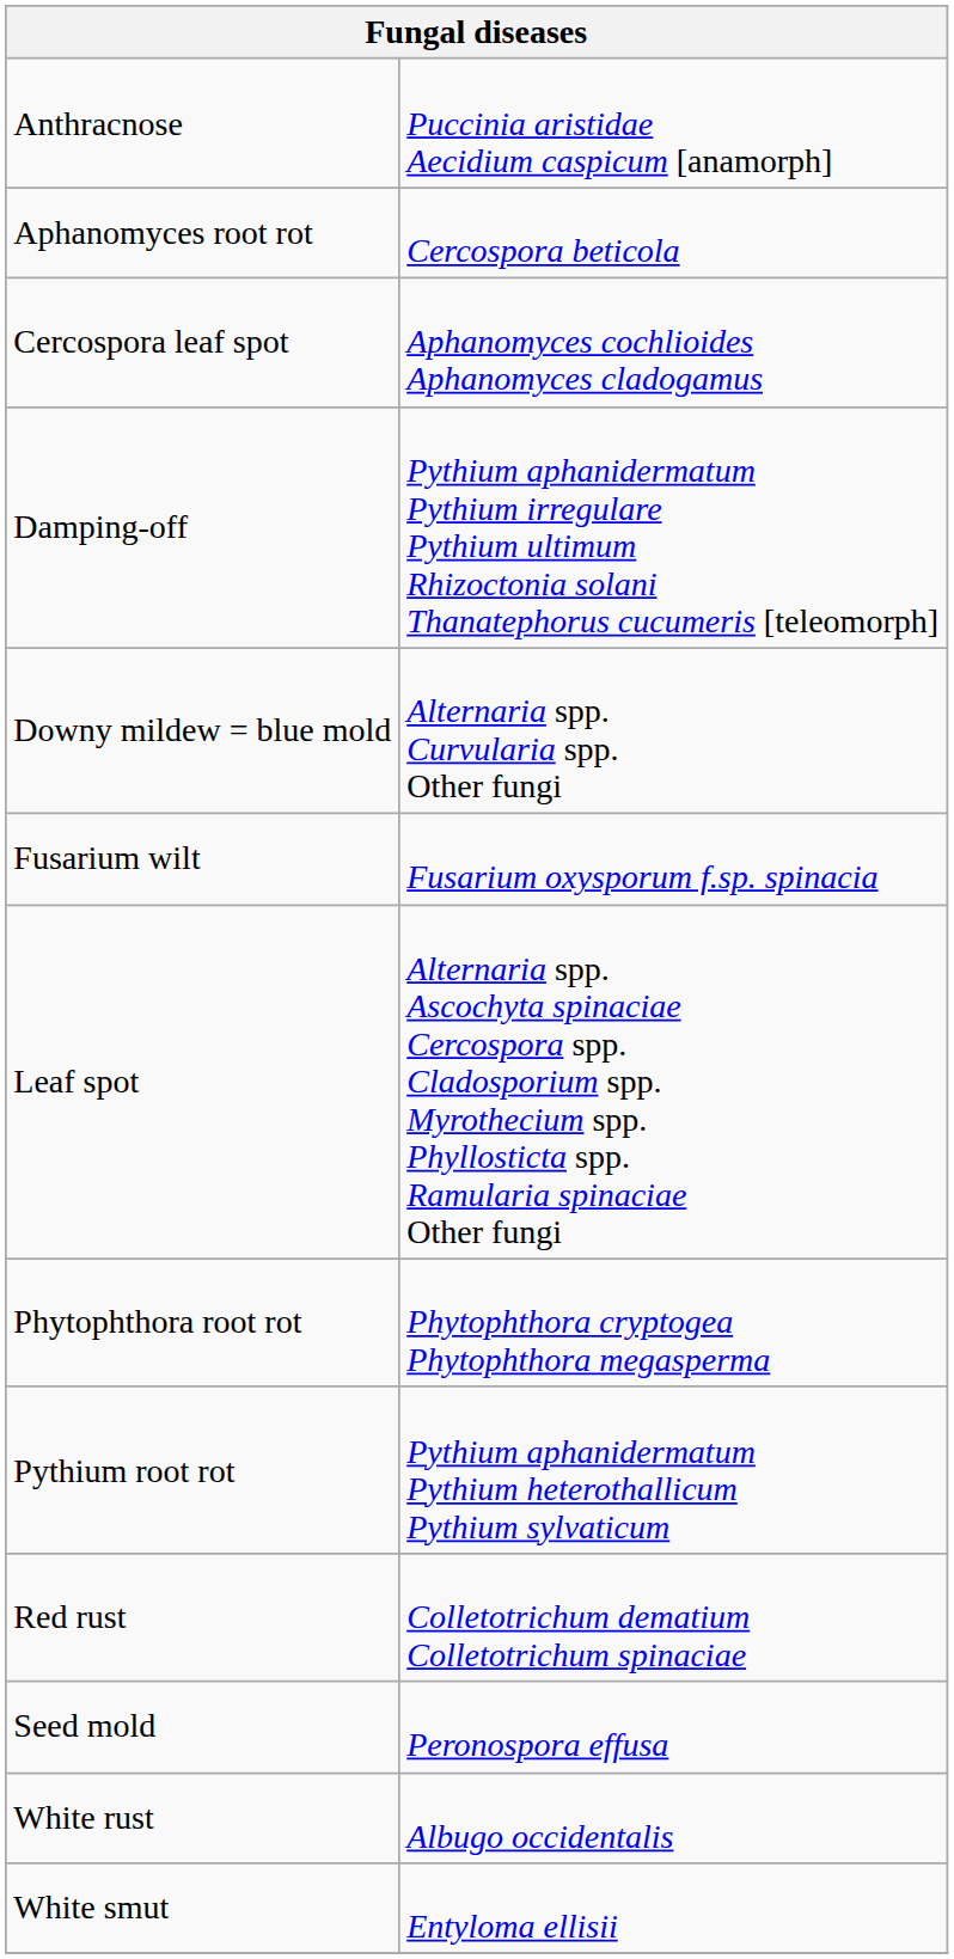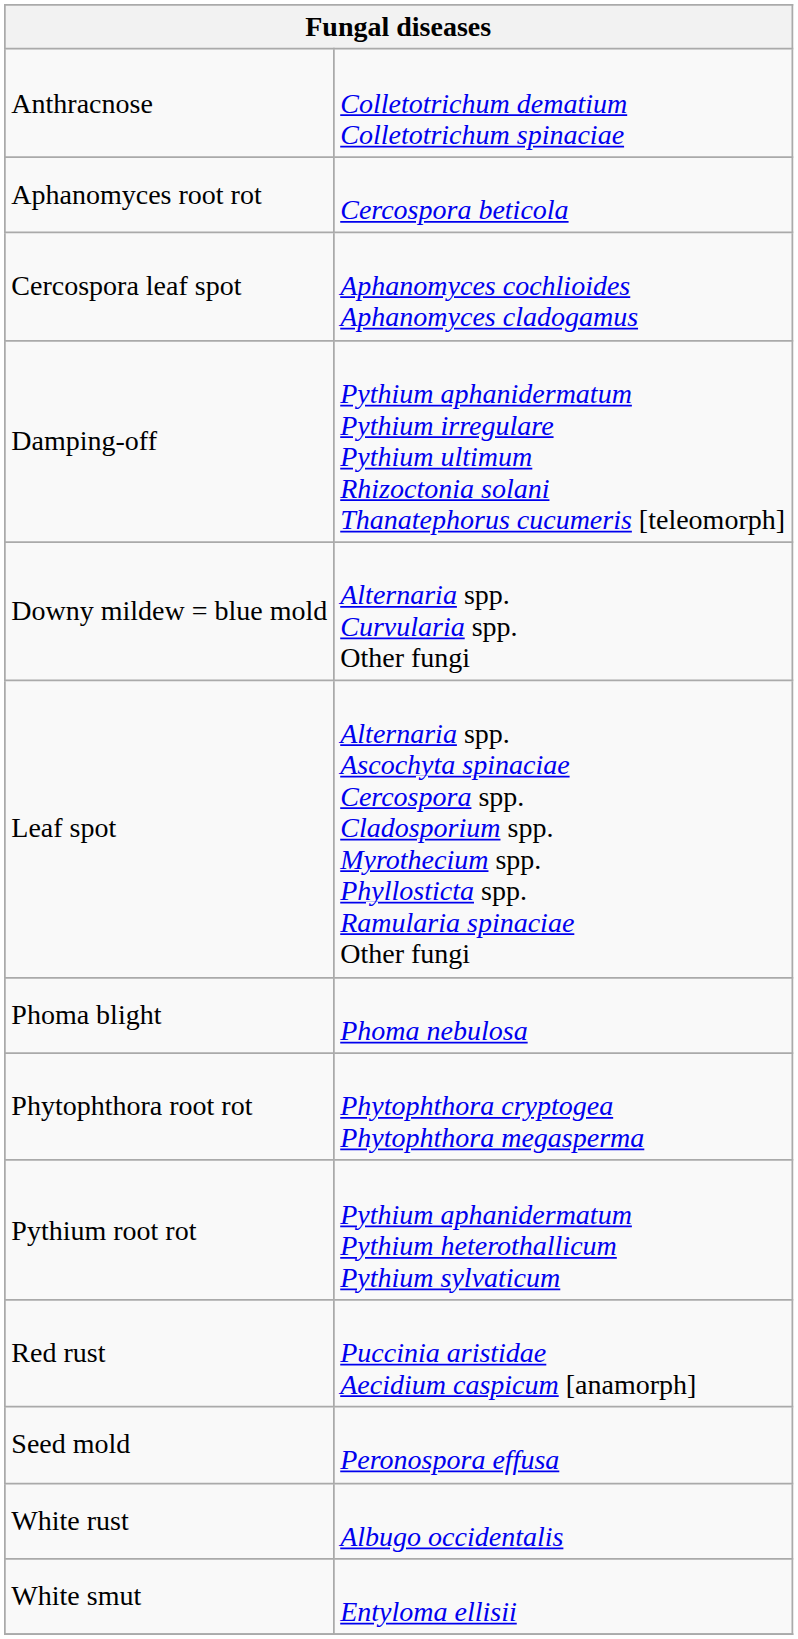 <table class="wikitable" style="clear">
 <tr>
 <th colspan=2><strong>Fungal diseases</strong><br></th>
 </tr>
 <tr>
 <td>Anthracnose</td>
-<td><br><em><a href='#'>Puccinia aristidae</a></em><br> <em><a href='#'>Aecidium caspicum</a></em> [anamorph]</td>
+<td><br><em><a href='#'>Colletotrichum dematium</a></em> <br>  <em><a href='#'>Colletotrichum spinaciae</a></em></td>
 </tr>
 <tr>
 <td>Aphanomyces root rot</td>
 <td><br><em><a href='#'>Cercospora beticola</a></em></td>
 </tr>
 <tr>
 <td>Cercospora leaf spot</td>
 <td><br><em><a href='#'>Aphanomyces cochlioides</a></em><br> <em><a href='#'>Aphanomyces cladogamus</a></em></td>
 </tr>
 <tr>
 <td>Damping-off</td>
 <td><br><em><a href='#'>Pythium aphanidermatum</a></em><br> <em><a href='#'>Pythium irregulare</a></em><br> <em><a href='#'>Pythium ultimum</a></em><br> <em><a href='#'>Rhizoctonia solani</a></em><br> <em><a href='#'>Thanatephorus cucumeris</a></em> [teleomorph]</td>
 </tr>
 <tr>
 <td>Downy mildew = blue mold</td>
 <td><br><em><a href='#'>Alternaria</a></em> spp. <br> <em><a href='#'>Curvularia</a></em> spp. <br> Other fungi</td>
 </tr>
 <tr>
-<td>Fusarium wilt</td>
-<td><br><em><a href='#'>Fusarium oxysporum f.sp. spinacia</a></em></td>
+<td>Leaf spot</td>
+<td><br><em><a href='#'>Alternaria</a></em> spp. <br> <em><a href='#'>Ascochyta spinaciae</a></em><br> <em><a href='#'>Cercospora</a></em> spp. <br> <em><a href='#'>Cladosporium</a></em> spp. <br> <em><a href='#'>Myrothecium</a></em> spp.<br> <em><a href='#'>Phyllosticta</a></em> spp. <br> <em><a href='#'>Ramularia spinaciae</a></em><br> Other fungi</td>
 </tr>
 <tr>
-<td>Leaf spot</td>
-<td><br><em><a href='#'>Alternaria</a></em> spp. <br> <em><a href='#'>Ascochyta spinaciae</a></em><br> <em><a href='#'>Cercospora</a></em> spp. <br> <em><a href='#'>Cladosporium</a></em> spp. <br> <em><a href='#'>Myrothecium</a></em> spp.<br> <em><a href='#'>Phyllosticta</a></em> spp. <br> <em><a href='#'>Ramularia spinaciae</a></em><br> Other fungi</td>
+<td>Phoma blight</td>
+<td><br><em><a href='#'>Phoma nebulosa</a></em></td>
 </tr>
 <tr>
 <td>Phytophthora root rot</td>
 <td><br><em><a href='#'>Phytophthora cryptogea</a></em><br> <em><a href='#'>Phytophthora megasperma</a></em></td>
 </tr>
 <tr>
 <td>Pythium root rot</td>
 <td><br><em><a href='#'>Pythium aphanidermatum</a></em><br> <em><a href='#'>Pythium heterothallicum</a></em><br> <em><a href='#'>Pythium sylvaticum</a></em></td>
 </tr>
 <tr>
 <td>Red rust</td>
-<td><br><em><a href='#'>Colletotrichum dematium</a></em> <br>  <em><a href='#'>Colletotrichum spinaciae</a></em></td>
+<td><br><em><a href='#'>Puccinia aristidae</a></em><br> <em><a href='#'>Aecidium caspicum</a></em> [anamorph]</td>
 </tr>
 <tr>
 <td>Seed mold</td>
 <td><br><em><a href='#'>Peronospora effusa</a></em></td>
 </tr>
 <tr>
 <td>White rust</td>
 <td><br><em><a href='#'>Albugo occidentalis</a></em></td>
 </tr>
 <tr>
 <td>White smut</td>
 <td><br><em><a href='#'>Entyloma ellisii</a></em></td>
 </tr>
 <tr>
 </tr>
 </table>
